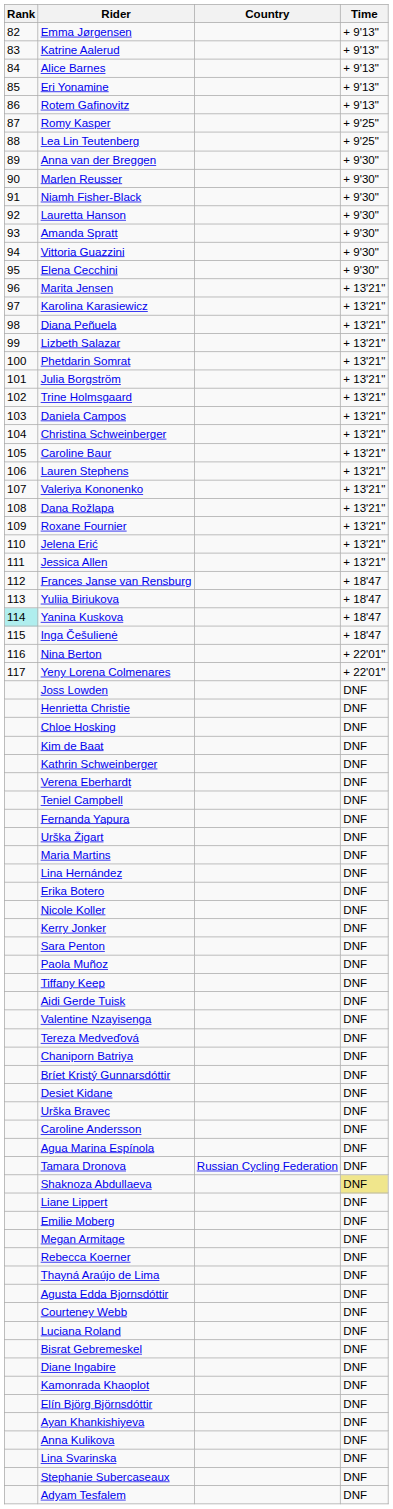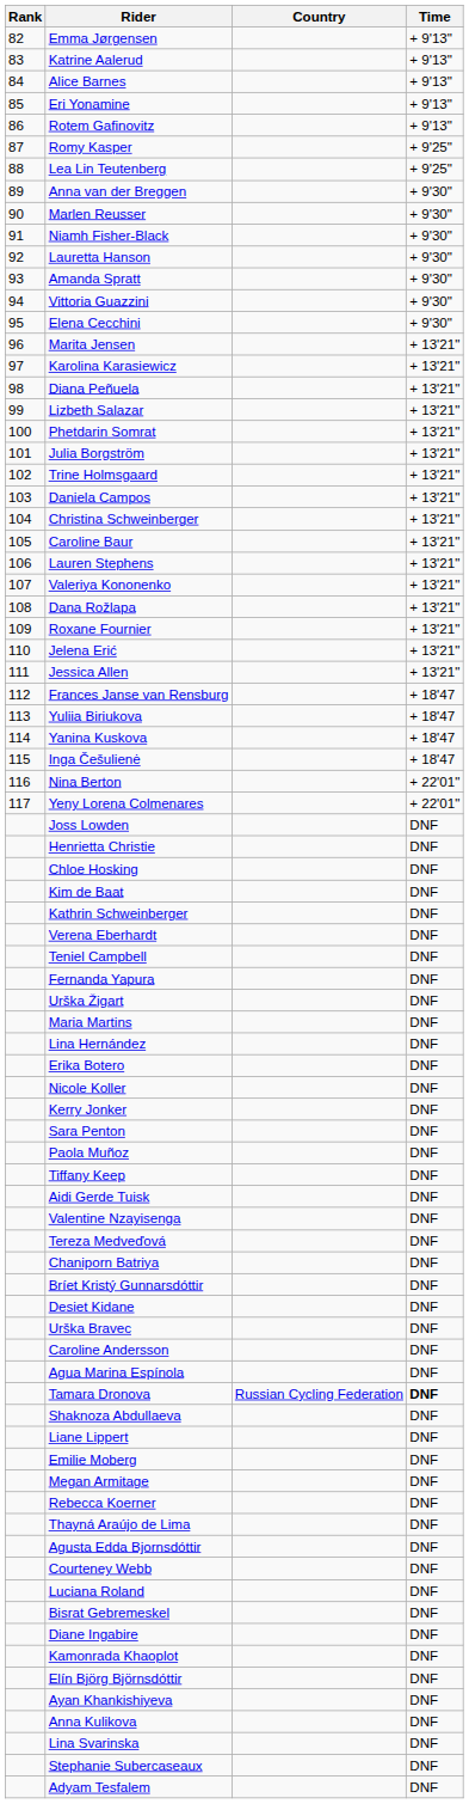 <table class="wikitable sortable" style="font-size:95%; text-align:left;">
 <tr>
 <th>Rank</th>
 <th>Rider</th>
 <th>Country</th>
 <th>Time</th>
 </tr>
 <tr>
 <td>82</td>
 <td><a href='#'>Emma Jørgensen</a></td>
 <td></td>
 <td>+ 9'13"</td>
 </tr>
 <tr>
 <td>83</td>
 <td><a href='#'>Katrine Aalerud</a></td>
 <td></td>
 <td>+ 9'13"</td>
 </tr>
 <tr>
 <td>84</td>
 <td><a href='#'>Alice Barnes</a></td>
 <td></td>
 <td>+ 9'13"</td>
 </tr>
 <tr>
 <td>85</td>
 <td><a href='#'>Eri Yonamine</a></td>
 <td></td>
 <td>+ 9'13"</td>
 </tr>
 <tr>
 <td>86</td>
 <td><a href='#'>Rotem Gafinovitz</a></td>
 <td></td>
 <td>+ 9'13"</td>
 </tr>
 <tr>
 <td>87</td>
 <td><a href='#'>Romy Kasper</a></td>
 <td></td>
 <td>+ 9'25"</td>
 </tr>
 <tr>
 <td>88</td>
 <td><a href='#'>Lea Lin Teutenberg</a></td>
 <td></td>
 <td>+ 9'25"</td>
 </tr>
 <tr>
 <td>89</td>
 <td><a href='#'>Anna van der Breggen</a></td>
 <td></td>
 <td>+ 9'30"</td>
 </tr>
 <tr>
 <td>90</td>
 <td><a href='#'>Marlen Reusser</a></td>
 <td></td>
 <td>+ 9'30"</td>
 </tr>
 <tr>
 <td>91</td>
 <td><a href='#'>Niamh Fisher-Black</a></td>
 <td></td>
 <td>+ 9'30"</td>
 </tr>
 <tr>
 <td>92</td>
 <td><a href='#'>Lauretta Hanson</a></td>
 <td></td>
 <td>+ 9'30"</td>
 </tr>
 <tr>
 <td>93</td>
 <td><a href='#'>Amanda Spratt</a></td>
 <td></td>
 <td>+ 9'30"</td>
 </tr>
 <tr>
 <td>94</td>
 <td><a href='#'>Vittoria Guazzini</a></td>
 <td></td>
 <td>+ 9'30"</td>
 </tr>
 <tr>
 <td>95</td>
 <td><a href='#'>Elena Cecchini</a></td>
 <td></td>
 <td>+ 9'30"</td>
 </tr>
 <tr>
 <td>96</td>
 <td><a href='#'>Marita Jensen</a></td>
 <td></td>
 <td>+ 13'21"</td>
 </tr>
 <tr>
 <td>97</td>
 <td><a href='#'>Karolina Karasiewicz</a></td>
 <td></td>
 <td>+ 13'21"</td>
 </tr>
 <tr>
 <td>98</td>
 <td><a href='#'>Diana Peñuela</a></td>
 <td></td>
 <td>+ 13'21"</td>
 </tr>
 <tr>
 <td>99</td>
 <td><a href='#'>Lizbeth Salazar</a></td>
 <td></td>
 <td>+ 13'21"</td>
 </tr>
 <tr>
 <td>100</td>
 <td><a href='#'>Phetdarin Somrat</a></td>
 <td></td>
 <td>+ 13'21"</td>
 </tr>
 <tr>
 <td>101</td>
 <td><a href='#'>Julia Borgström</a></td>
 <td></td>
 <td>+ 13'21"</td>
 </tr>
 <tr>
 <td>102</td>
 <td><a href='#'>Trine Holmsgaard</a></td>
 <td></td>
 <td>+ 13'21"</td>
 </tr>
 <tr>
 <td>103</td>
 <td><a href='#'>Daniela Campos</a></td>
 <td></td>
 <td>+ 13'21"</td>
 </tr>
 <tr>
 <td>104</td>
 <td><a href='#'>Christina Schweinberger</a></td>
 <td></td>
 <td>+ 13'21"</td>
 </tr>
 <tr>
 <td>105</td>
 <td><a href='#'>Caroline Baur</a></td>
 <td></td>
 <td>+ 13'21"</td>
 </tr>
 <tr>
 <td>106</td>
 <td><a href='#'>Lauren Stephens</a></td>
 <td></td>
 <td>+ 13'21"</td>
 </tr>
 <tr>
 <td>107</td>
 <td><a href='#'>Valeriya Kononenko</a></td>
 <td></td>
 <td>+ 13'21"</td>
 </tr>
 <tr>
 <td>108</td>
 <td><a href='#'>Dana Rožlapa</a></td>
 <td></td>
 <td>+ 13'21"</td>
 </tr>
 <tr>
 <td>109</td>
 <td><a href='#'>Roxane Fournier</a></td>
 <td></td>
 <td>+ 13'21"</td>
 </tr>
 <tr>
 <td>110</td>
 <td><a href='#'>Jelena Erić</a></td>
 <td></td>
 <td>+ 13'21"</td>
 </tr>
 <tr>
 <td>111</td>
 <td><a href='#'>Jessica Allen</a></td>
 <td></td>
 <td>+ 13'21"</td>
 </tr>
 <tr>
 <td>112</td>
 <td><a href='#'>Frances Janse van Rensburg</a></td>
 <td></td>
 <td>+ 18'47</td>
 </tr>
 <tr>
 <td>113</td>
 <td><a href='#'>Yuliia Biriukova</a></td>
 <td></td>
 <td>+ 18'47</td>
 </tr>
 <tr>
-<td style="background: paleturquoise;">114</td>
+<td>114</td>
 <td><a href='#'>Yanina Kuskova</a></td>
 <td></td>
 <td>+ 18'47</td>
 </tr>
 <tr>
 <td>115</td>
 <td><a href='#'>Inga Češulienė</a></td>
 <td></td>
 <td>+ 18'47</td>
 </tr>
 <tr>
 <td>116</td>
 <td><a href='#'>Nina Berton</a></td>
 <td></td>
 <td>+ 22'01"</td>
 </tr>
 <tr>
 <td>117</td>
 <td><a href='#'>Yeny Lorena Colmenares</a></td>
 <td></td>
 <td>+ 22'01"</td>
 </tr>
 <tr>
 <td></td>
 <td><a href='#'>Joss Lowden</a></td>
 <td></td>
 <td>DNF</td>
 </tr>
 <tr>
 <td></td>
 <td><a href='#'>Henrietta Christie</a></td>
 <td></td>
 <td>DNF</td>
 </tr>
 <tr>
 <td></td>
 <td><a href='#'>Chloe Hosking</a></td>
 <td></td>
 <td>DNF</td>
 </tr>
 <tr>
 <td></td>
 <td><a href='#'>Kim de Baat</a></td>
 <td></td>
 <td>DNF</td>
 </tr>
 <tr>
 <td></td>
 <td><a href='#'>Kathrin Schweinberger</a></td>
 <td></td>
 <td>DNF</td>
 </tr>
 <tr>
 <td></td>
 <td><a href='#'>Verena Eberhardt</a></td>
 <td></td>
 <td>DNF</td>
 </tr>
 <tr>
 <td></td>
 <td><a href='#'>Teniel Campbell</a></td>
 <td></td>
 <td>DNF</td>
 </tr>
 <tr>
 <td></td>
 <td><a href='#'>Fernanda Yapura</a></td>
 <td></td>
 <td>DNF</td>
 </tr>
 <tr>
 <td></td>
 <td><a href='#'>Urška Žigart</a></td>
 <td></td>
 <td>DNF</td>
 </tr>
 <tr>
 <td></td>
 <td><a href='#'>Maria Martins</a></td>
 <td></td>
 <td>DNF</td>
 </tr>
 <tr>
 <td></td>
 <td><a href='#'>Lina Hernández</a></td>
 <td></td>
 <td>DNF</td>
 </tr>
 <tr>
 <td></td>
 <td><a href='#'>Erika Botero</a></td>
 <td></td>
 <td>DNF</td>
 </tr>
 <tr>
 <td></td>
 <td><a href='#'>Nicole Koller</a></td>
 <td></td>
 <td>DNF</td>
 </tr>
 <tr>
 <td></td>
 <td><a href='#'>Kerry Jonker</a></td>
 <td></td>
 <td>DNF</td>
 </tr>
 <tr>
 <td></td>
 <td><a href='#'>Sara Penton</a></td>
 <td></td>
 <td>DNF</td>
 </tr>
 <tr>
 <td></td>
 <td><a href='#'>Paola Muñoz</a></td>
 <td></td>
 <td>DNF</td>
 </tr>
 <tr>
 <td></td>
 <td><a href='#'>Tiffany Keep</a></td>
 <td></td>
 <td>DNF</td>
 </tr>
 <tr>
 <td></td>
 <td><a href='#'>Aidi Gerde Tuisk</a></td>
 <td></td>
 <td>DNF</td>
 </tr>
 <tr>
 <td></td>
 <td><a href='#'>Valentine Nzayisenga</a></td>
 <td></td>
 <td>DNF</td>
 </tr>
 <tr>
 <td></td>
 <td><a href='#'>Tereza Medveďová</a></td>
 <td></td>
 <td>DNF</td>
 </tr>
 <tr>
 <td></td>
 <td><a href='#'>Chaniporn Batriya</a></td>
 <td></td>
 <td>DNF</td>
 </tr>
 <tr>
 <td></td>
 <td><a href='#'>Bríet Kristý Gunnarsdóttir</a></td>
 <td></td>
 <td>DNF</td>
 </tr>
 <tr>
 <td></td>
 <td><a href='#'>Desiet Kidane</a></td>
 <td></td>
 <td>DNF</td>
 </tr>
 <tr>
 <td></td>
 <td><a href='#'>Urška Bravec</a></td>
 <td></td>
 <td>DNF</td>
 </tr>
 <tr>
 <td></td>
 <td><a href='#'>Caroline Andersson</a></td>
 <td></td>
 <td>DNF</td>
 </tr>
 <tr>
 <td></td>
 <td><a href='#'>Agua Marina Espínola</a></td>
 <td></td>
 <td>DNF</td>
 </tr>
 <tr>
 <td></td>
 <td><a href='#'>Tamara Dronova</a></td>
 <td><a href='#'>Russian Cycling Federation</a></td>
-<td>DNF</td>
+<td><strong>DNF</strong></td>
 </tr>
 <tr>
 <td></td>
 <td><a href='#'>Shaknoza Abdullaeva</a></td>
 <td></td>
-<td style="background: khaki;">DNF</td>
+<td>DNF</td>
 </tr>
 <tr>
 <td></td>
 <td><a href='#'>Liane Lippert</a></td>
 <td></td>
 <td>DNF</td>
 </tr>
 <tr>
 <td></td>
 <td><a href='#'>Emilie Moberg</a></td>
 <td></td>
 <td>DNF</td>
 </tr>
 <tr>
 <td></td>
 <td><a href='#'>Megan Armitage</a></td>
 <td></td>
 <td>DNF</td>
 </tr>
 <tr>
 <td></td>
 <td><a href='#'>Rebecca Koerner</a></td>
 <td></td>
 <td>DNF</td>
 </tr>
 <tr>
 <td></td>
 <td><a href='#'>Thayná Araújo de Lima</a></td>
 <td></td>
 <td>DNF</td>
 </tr>
 <tr>
 <td></td>
 <td><a href='#'>Agusta Edda Bjornsdóttir</a></td>
 <td></td>
 <td>DNF</td>
 </tr>
 <tr>
 <td></td>
 <td><a href='#'>Courteney Webb</a></td>
 <td></td>
 <td>DNF</td>
 </tr>
 <tr>
 <td></td>
 <td><a href='#'>Luciana Roland</a></td>
 <td></td>
 <td>DNF</td>
 </tr>
 <tr>
 <td></td>
 <td><a href='#'>Bisrat Gebremeskel</a></td>
 <td></td>
 <td>DNF</td>
 </tr>
 <tr>
 <td></td>
 <td><a href='#'>Diane Ingabire</a></td>
 <td></td>
 <td>DNF</td>
 </tr>
 <tr>
 <td></td>
 <td><a href='#'>Kamonrada Khaoplot</a></td>
 <td></td>
 <td>DNF</td>
 </tr>
 <tr>
 <td></td>
 <td><a href='#'>Elín Björg Björnsdóttir</a></td>
 <td></td>
 <td>DNF</td>
 </tr>
 <tr>
 <td></td>
 <td><a href='#'>Ayan Khankishiyeva</a></td>
 <td></td>
 <td>DNF</td>
 </tr>
 <tr>
 <td></td>
 <td><a href='#'>Anna Kulikova</a></td>
 <td></td>
 <td>DNF</td>
 </tr>
 <tr>
 <td></td>
 <td><a href='#'>Lina Svarinska</a></td>
 <td></td>
 <td>DNF</td>
 </tr>
 <tr>
 <td></td>
 <td><a href='#'>Stephanie Subercaseaux</a></td>
 <td></td>
 <td>DNF</td>
 </tr>
 <tr>
 <td></td>
 <td><a href='#'>Adyam Tesfalem</a></td>
 <td></td>
 <td>DNF</td>
 </tr>
 </table>
